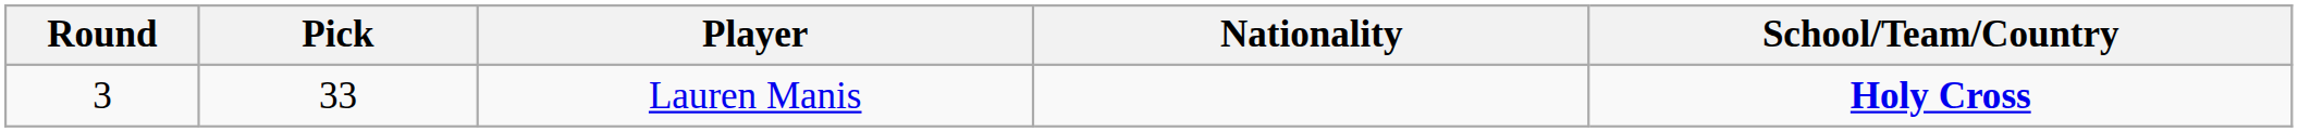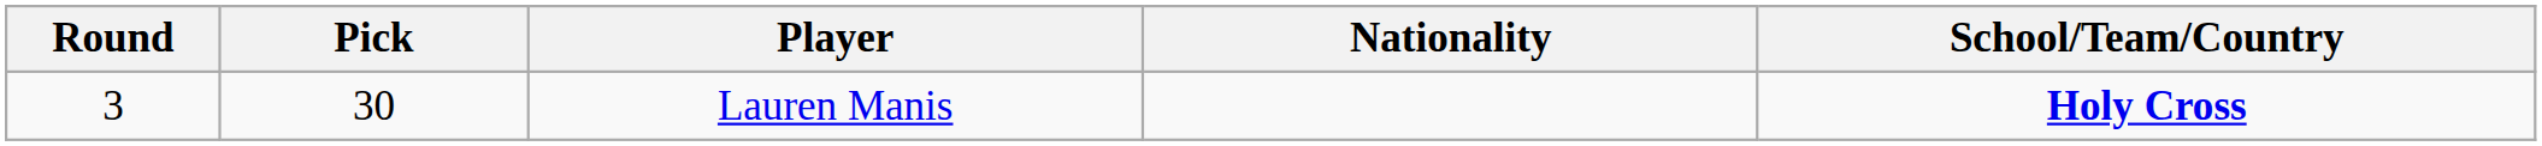 <table class="wikitable" style="text-align:center; width:60em">
 <tr>
 <th width="2%">Round</th>
 <th width="5%">Pick</th>
 <th width="10%">Player</th>
 <th width="10%">Nationality</th>
 <th width="10%">School/Team/Country</th>
 </tr>
 <tr>
 <td>3</td>
-<td>33</td>
+<td>30</td>
 <td><a href='#'>Lauren Manis</a></td>
 <td></td>
 <td><strong><a href='#'>Holy Cross</a></strong></td>
 </tr>
 </table>
